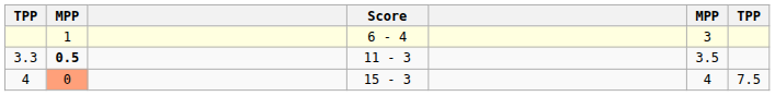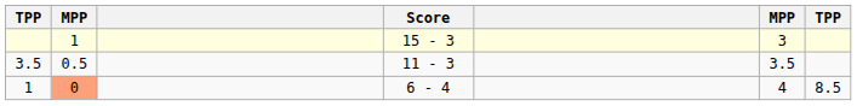 <table class="wikitable" style="text-align: center;" |>
 <tr>
 <th width="35">TPP</th>
 <th width="35">MPP</th>
 <th width="250"></th>
 <th width="75">Score</th>
 <th width="250"></th>
 <th width="35">MPP</th>
 <th width="35">TPP</th>
 </tr>
 <tr bgcolor=lightyellow>
 <td></td>
 <td>1</td>
 <td style="text-align:left;"><strong></strong></td>
-<td>6 - 4</td>
+<td>15 - 3</td>
 <td style="text-align:left;"></td>
 <td>3</td>
 <td></td>
 </tr>
 <tr>
-<td>3.3</td>
-<td><strong>0.5</strong></td>
+<td>3.5</td>
+<td>0.5</td>
 <td style="text-align:left;"><strong></strong></td>
 <td>11 - 3</td>
 <td style="text-align:left;"></td>
 <td>3.5</td>
 <td></td>
 </tr>
 <tr>
-<td>4</td>
+<td>1</td>
 <td style="background: lightsalmon;">0</td>
 <td style="text-align:left;"><strong></strong></td>
-<td>15 - 3</td>
+<td>6 - 4</td>
 <td style="text-align:left;"></td>
 <td>4</td>
-<td>7.5</td>
+<td>8.5</td>
 </tr>
 </table>
